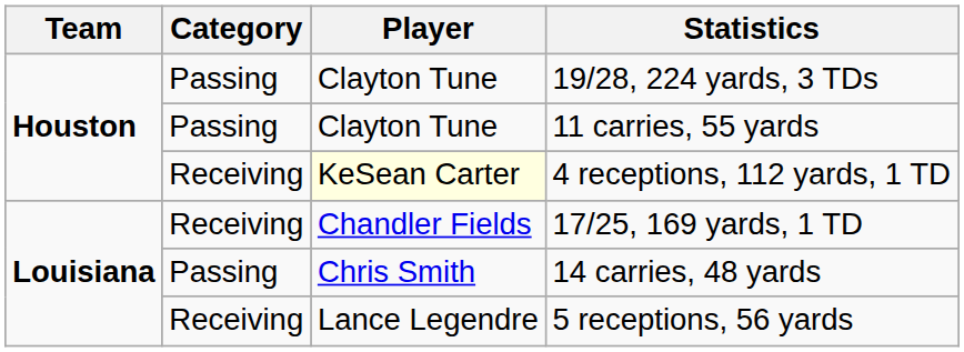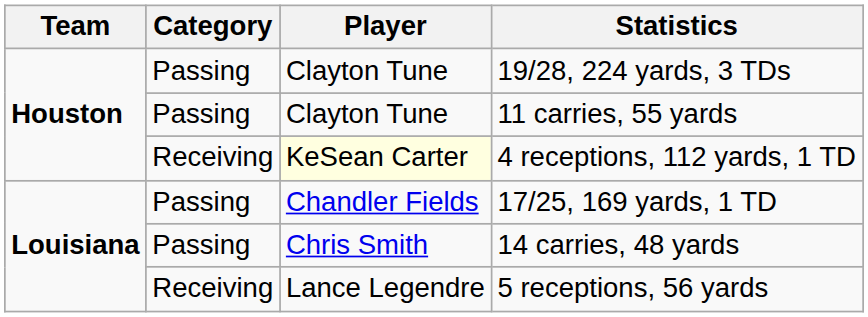 <table class="wikitable" style="float: left;">
 <tr>
 <th>Team</th>
 <th>Category</th>
 <th>Player</th>
 <th>Statistics</th>
 </tr>
 <tr>
 <td rowspan=3><strong>Houston</strong></td>
 <td>Passing</td>
 <td>Clayton Tune</td>
 <td>19/28, 224 yards, 3 TDs</td>
 </tr>
 <tr>
 <td>Passing</td>
 <td>Clayton Tune</td>
 <td>11 carries, 55 yards</td>
 </tr>
 <tr>
 <td>Receiving</td>
 <td style="background: lightyellow;">KeSean Carter</td>
 <td>4 receptions, 112 yards, 1 TD</td>
 </tr>
 <tr>
 <td rowspan=3><strong>Louisiana</strong></td>
-<td>Receiving</td>
+<td>Passing</td>
 <td><a href='#'>Chandler Fields</a></td>
 <td>17/25, 169 yards, 1 TD</td>
 </tr>
 <tr>
 <td>Passing</td>
 <td><a href='#'>Chris Smith</a></td>
 <td>14 carries, 48 yards</td>
 </tr>
 <tr>
 <td>Receiving</td>
 <td>Lance Legendre</td>
 <td>5 receptions, 56 yards</td>
 </tr>
 </table>
